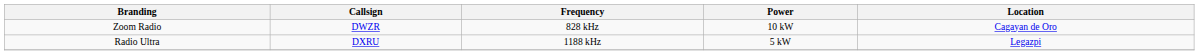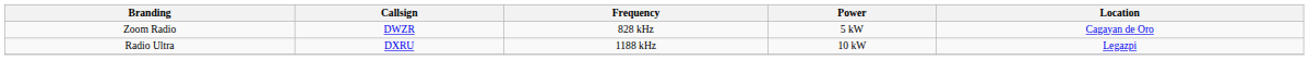 <table class="wikitable" style="width:100%; text-align:center;">
 <tr>
 <th>Branding</th>
 <th>Callsign</th>
 <th>Frequency</th>
 <th>Power</th>
 <th>Location</th>
 </tr>
 <tr>
 <td>Zoom Radio</td>
 <td><a href='#'>DWZR</a></td>
 <td>828 kHz</td>
-<td>10 kW</td>
+<td>5 kW</td>
 <td><a href='#'>Cagayan de Oro</a></td>
 </tr>
 <tr>
 <td>Radio Ultra</td>
 <td><a href='#'>DXRU</a></td>
 <td>1188 kHz</td>
-<td>5 kW</td>
+<td>10 kW</td>
 <td><a href='#'>Legazpi</a></td>
 </tr>
 <tr>
 </tr>
 </table>
